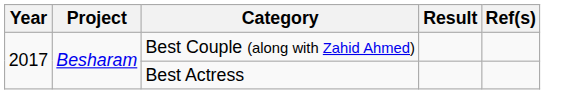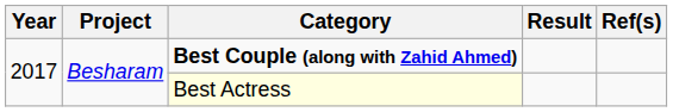 <table class="wikitable style">
 <tr>
 <th>Year</th>
 <th>Project</th>
 <th>Category</th>
 <th>Result</th>
 <th>Ref(s)</th>
 </tr>
 <tr>
 <td rowspan="2">2017</td>
 <td rowspan="2"><em><a href='#'>Besharam</a></em></td>
-<td>Best Couple <small>(along with <a href='#'>Zahid Ahmed</a>)</small></td>
+<td><strong>Best Couple <small>(along with <a href='#'>Zahid Ahmed</a>)</small></strong></td>
 <td></td>
 <td></td>
 </tr>
 <tr>
-<td>Best Actress</td>
+<td style="background: lightyellow;">Best Actress</td>
 <td></td>
 <td></td>
 </tr>
 </table>
